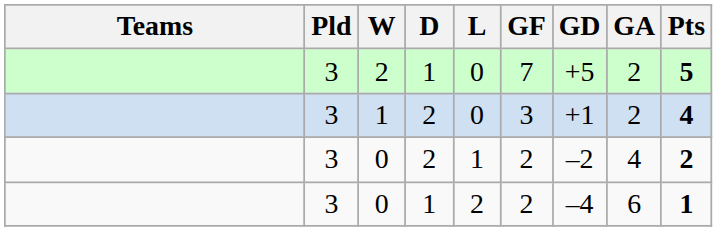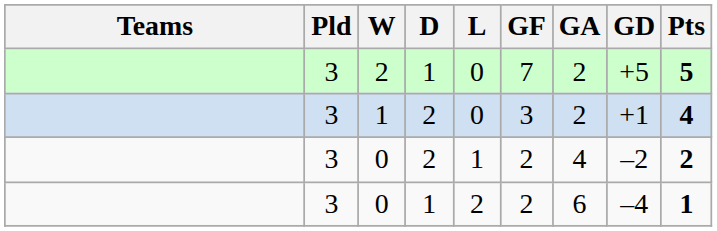 <table class="wikitable" style="text-align: center;">
 <tr>
 <th width=165>Teams</th>
 <th width=20>Pld</th>
 <th width=20>W</th>
 <th width=20>D</th>
 <th width=20>L</th>
 <th width=20>GF</th>
+<th width=20>GA</th>
 <th width=20>GD</th>
-<th width=20>GA</th>
 <th width=20>Pts</th>
 </tr>
 <tr align=center style="background:#ccffcc;">
 <td style="text-align:left;"></td>
 <td>3</td>
 <td>2</td>
 <td>1</td>
 <td>0</td>
 <td>7</td>
+<td>2</td>
 <td>+5</td>
-<td>2</td>
 <td><strong>5</strong></td>
 </tr>
 <tr align=center style="background:#CEE0F2;">
 <td style="text-align:left;"></td>
 <td>3</td>
 <td>1</td>
 <td>2</td>
 <td>0</td>
 <td>3</td>
+<td>2</td>
 <td>+1</td>
-<td>2</td>
 <td><strong>4</strong></td>
 </tr>
 <tr align=center>
 <td style="text-align:left;"></td>
 <td>3</td>
 <td>0</td>
 <td>2</td>
 <td>1</td>
 <td>2</td>
+<td>4</td>
 <td>–2</td>
-<td>4</td>
 <td><strong>2</strong></td>
 </tr>
 <tr align=center>
 <td style="text-align:left;"></td>
 <td>3</td>
 <td>0</td>
 <td>1</td>
 <td>2</td>
 <td>2</td>
+<td>6</td>
 <td>–4</td>
-<td>6</td>
 <td><strong>1</strong></td>
 </tr>
 </table>
